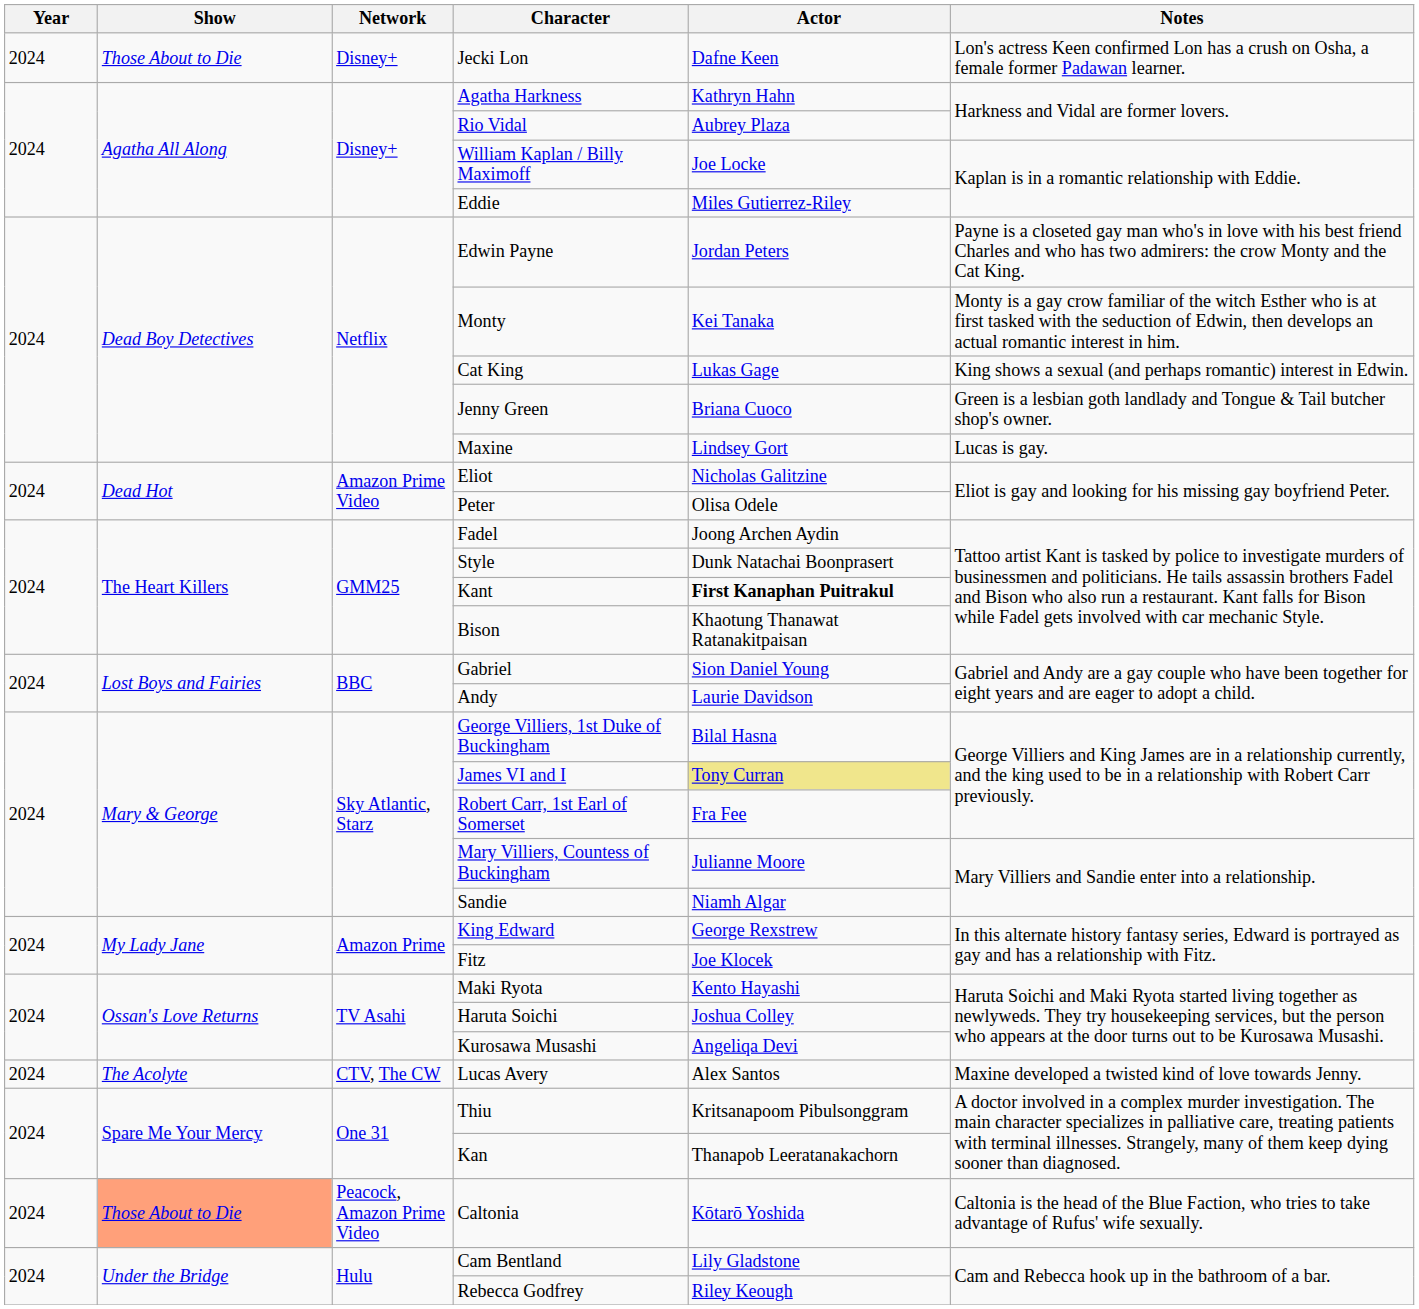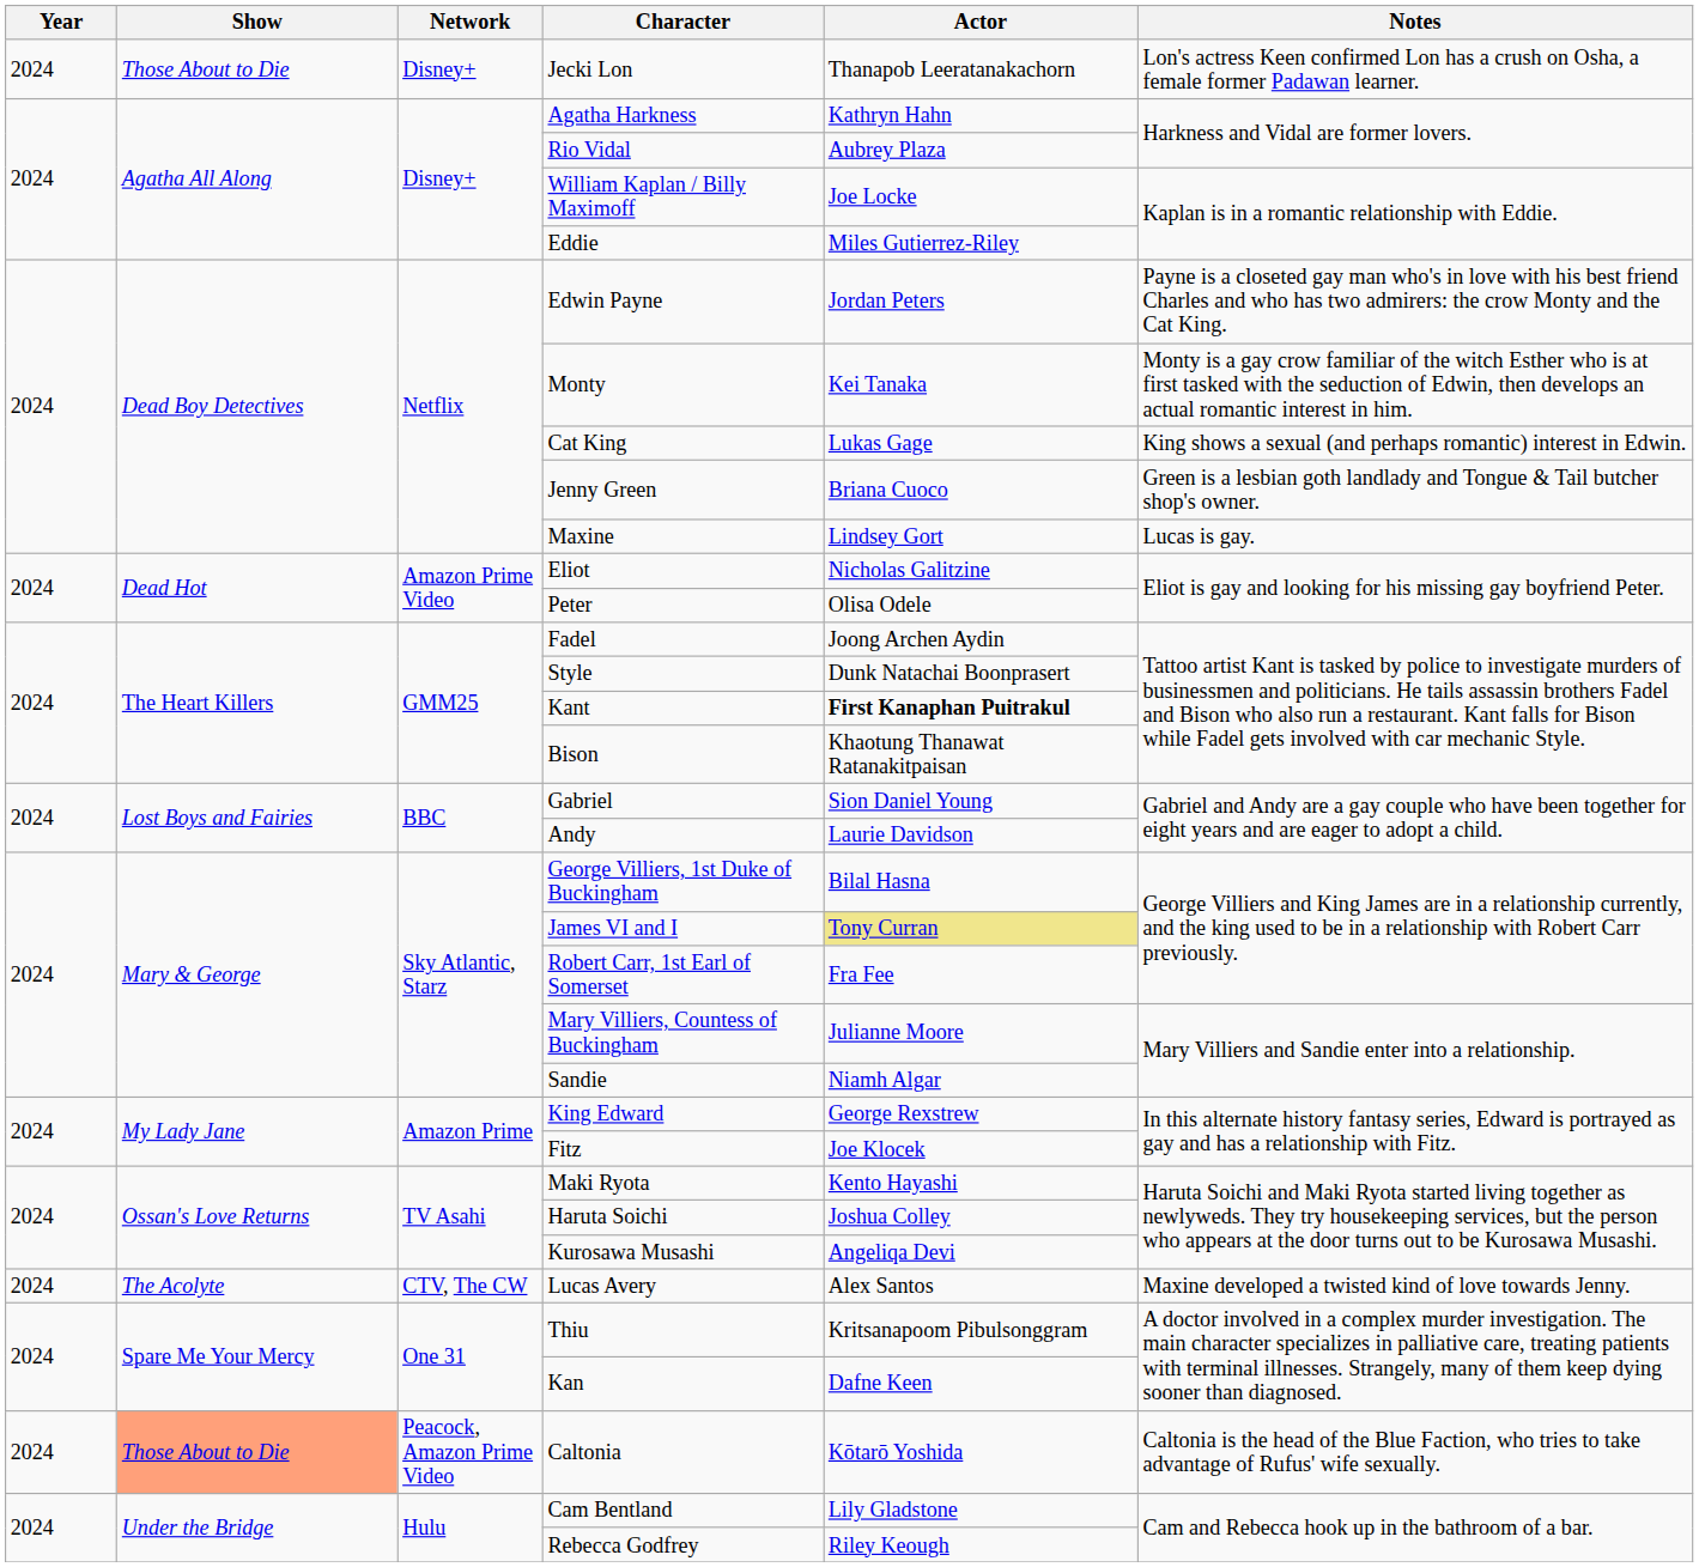 <table class="wikitable sortable" style="margins:auto; width=100%;">
 <tr>
 <th style="width:75px;">Year</th>
 <th style="width:200px;">Show</th>
 <th style="width:100px;">Network</th>
 <th style="width:200px;">Character</th>
 <th style="width:225px;">Actor</th>
 <th>Notes</th>
 </tr>
 <tr>
 <td>2024</td>
 <td><em><a href='#'>Those About to Die</a></em></td>
 <td><a href='#'>Disney+</a></td>
 <td>Jecki Lon</td>
-<td><a href='#'>Dafne Keen</a></td>
+<td>Thanapob Leeratanakachorn</td>
 <td>Lon's actress Keen confirmed Lon has a crush on Osha, a female former <a href='#'>Padawan</a> learner.</td>
 </tr>
 <tr>
 <td rowspan="4">2024</td>
 <td rowspan="4"><em><a href='#'>Agatha All Along</a></em></td>
 <td rowspan="4"><a href='#'>Disney+</a></td>
 <td><a href='#'>Agatha Harkness</a></td>
 <td><a href='#'>Kathryn Hahn</a></td>
 <td rowspan="2">Harkness and Vidal are former lovers.</td>
 </tr>
 <tr>
 <td><a href='#'>Rio Vidal</a></td>
 <td><a href='#'>Aubrey Plaza</a></td>
 </tr>
 <tr>
 <td><a href='#'>William Kaplan / Billy Maximoff</a></td>
 <td><a href='#'>Joe Locke</a></td>
 <td rowspan="2">Kaplan is in a romantic relationship with Eddie.</td>
 </tr>
 <tr>
 <td>Eddie</td>
 <td><a href='#'>Miles Gutierrez-Riley</a></td>
 </tr>
 <tr>
 <td rowspan="5">2024</td>
 <td rowspan="5"><em><a href='#'>Dead Boy Detectives</a></em></td>
 <td rowspan="5"><a href='#'>Netflix</a></td>
 <td>Edwin Payne</td>
 <td><a href='#'>Jordan Peters</a></td>
 <td>Payne is a closeted gay man who's in love with his best friend Charles and who has two admirers: the crow Monty and the Cat King.</td>
 </tr>
 <tr>
 <td>Monty</td>
 <td><a href='#'>Kei Tanaka</a></td>
 <td>Monty is a gay crow familiar of the witch Esther who is at first tasked with the seduction of Edwin, then develops an actual romantic interest in him.</td>
 </tr>
 <tr>
 <td>Cat King</td>
 <td><a href='#'>Lukas Gage</a></td>
 <td>King shows a sexual (and perhaps romantic) interest in Edwin.</td>
 </tr>
 <tr>
 <td>Jenny Green</td>
 <td><a href='#'>Briana Cuoco</a></td>
 <td>Green is a lesbian goth landlady and Tongue & Tail butcher shop's owner.</td>
 </tr>
 <tr>
 <td>Maxine</td>
 <td><a href='#'>Lindsey Gort</a></td>
 <td rowspan="1">Lucas is gay.</td>
 </tr>
 <tr>
 <td rowspan="2">2024</td>
 <td rowspan="2"><em><a href='#'>Dead Hot</a></em></td>
 <td rowspan="2"><a href='#'>Amazon Prime Video</a></td>
 <td>Eliot</td>
 <td><a href='#'>Nicholas Galitzine</a></td>
 <td rowspan="2">Eliot is gay and looking for his missing gay boyfriend Peter.</td>
 </tr>
 <tr>
 <td>Peter</td>
 <td>Olisa Odele</td>
 </tr>
 <tr>
 <td rowspan="4">2024</td>
 <td rowspan="4"><a href='#'>The Heart Killers</a></td>
 <td rowspan="4"><a href='#'>GMM25</a></td>
 <td>Fadel</td>
 <td>Joong Archen Aydin</td>
 <td rowspan="4">Tattoo artist Kant is tasked by police to investigate murders of businessmen and politicians. He tails assassin brothers Fadel and Bison who also run a restaurant. Kant falls for Bison while Fadel gets involved with car mechanic Style.</td>
 </tr>
 <tr>
 <td>Style</td>
 <td>Dunk Natachai Boonprasert</td>
 </tr>
 <tr>
 <td>Kant</td>
 <td><strong>First Kanaphan Puitrakul</strong></td>
 </tr>
 <tr>
 <td>Bison</td>
 <td>Khaotung Thanawat Ratanakitpaisan</td>
 </tr>
 <tr>
 <td rowspan="2">2024</td>
 <td rowspan="2"><em><a href='#'>Lost Boys and Fairies</a></em></td>
 <td rowspan="2"><a href='#'>BBC</a></td>
 <td>Gabriel</td>
 <td><a href='#'>Sion Daniel Young</a></td>
 <td rowspan="2">Gabriel and Andy are a gay couple who have been together for eight years and are eager to adopt a child.</td>
 </tr>
 <tr>
 <td>Andy</td>
 <td><a href='#'>Laurie Davidson</a></td>
 </tr>
 <tr>
 <td rowspan="5">2024</td>
 <td rowspan="5"><em><a href='#'>Mary & George</a></em></td>
 <td rowspan="5"><a href='#'>Sky Atlantic</a>, <a href='#'>Starz</a></td>
 <td><a href='#'>George Villiers, 1st Duke of Buckingham</a></td>
 <td><a href='#'>Bilal Hasna</a></td>
 <td rowspan="3">George Villiers and King James are in a relationship currently, and the king used to be in a relationship with Robert Carr previously.</td>
 </tr>
 <tr>
 <td><a href='#'>James VI and I</a></td>
 <td style="background: khaki;"><a href='#'>Tony Curran</a></td>
 </tr>
 <tr>
 <td><a href='#'>Robert Carr, 1st Earl of Somerset</a></td>
 <td><a href='#'>Fra Fee</a></td>
 </tr>
 <tr>
 <td><a href='#'>Mary Villiers, Countess of Buckingham</a></td>
 <td><a href='#'>Julianne Moore</a></td>
 <td rowspan="2">Mary Villiers and Sandie enter into a relationship.</td>
 </tr>
 <tr>
 <td>Sandie</td>
 <td><a href='#'>Niamh Algar</a></td>
 </tr>
 <tr>
 <td rowspan="2">2024</td>
 <td rowspan="2"><em><a href='#'>My Lady Jane</a></em></td>
 <td rowspan="2"><a href='#'>Amazon Prime</a></td>
 <td><a href='#'>King Edward</a></td>
 <td><a href='#'>George Rexstrew</a></td>
 <td rowspan="2">In this alternate history fantasy series, Edward is portrayed as gay and has a relationship with Fitz.</td>
 </tr>
 <tr>
 <td>Fitz</td>
 <td><a href='#'>Joe Klocek</a></td>
 </tr>
 <tr>
 <td rowspan="3">2024</td>
 <td rowspan="3"><em><a href='#'>Ossan's Love Returns</a></em></td>
 <td rowspan="3"><a href='#'>TV Asahi</a></td>
 <td>Maki Ryota</td>
 <td><a href='#'>Kento Hayashi</a></td>
 <td rowspan="3">Haruta Soichi and Maki Ryota started living together as newlyweds. They try housekeeping services, but the person who appears at the door turns out to be Kurosawa Musashi.</td>
 </tr>
 <tr>
 <td>Haruta Soichi</td>
 <td><a href='#'>Joshua Colley</a></td>
 </tr>
 <tr>
 <td>Kurosawa Musashi</td>
 <td><a href='#'>Angeliqa Devi</a></td>
 </tr>
 <tr>
 <td rowspan="1">2024</td>
 <td><em><a href='#'>The Acolyte</a></em></td>
 <td><a href='#'>CTV</a>, <a href='#'>The CW</a></td>
 <td>Lucas Avery</td>
 <td>Alex Santos</td>
 <td>Maxine developed a twisted kind of love towards Jenny.</td>
 </tr>
 <tr>
 <td rowspan="2">2024</td>
 <td rowspan="2"><a href='#'>Spare Me Your Mercy</a></td>
 <td rowspan="2"><a href='#'>One 31</a></td>
 <td>Thiu</td>
 <td>Kritsanapoom Pibulsonggram</td>
 <td rowspan="2">A doctor involved in a complex murder investigation. The main character specializes in palliative care, treating patients with terminal illnesses. Strangely, many of them keep dying sooner than diagnosed.</td>
 </tr>
 <tr>
 <td>Kan</td>
-<td>Thanapob Leeratanakachorn</td>
+<td><a href='#'>Dafne Keen</a></td>
 </tr>
 <tr>
 <td>2024</td>
 <td style="background: lightsalmon;"><em><a href='#'>Those About to Die</a></em></td>
 <td><a href='#'>Peacock</a>, <a href='#'>Amazon Prime Video</a></td>
 <td>Caltonia</td>
 <td><a href='#'>Kōtarō Yoshida</a></td>
 <td>Caltonia is the head of the Blue Faction, who tries to take advantage of Rufus' wife sexually.</td>
 </tr>
 <tr>
 <td rowspan="2">2024</td>
 <td rowspan="2"><em><a href='#'>Under the Bridge</a></em></td>
 <td rowspan="2"><a href='#'>Hulu</a></td>
 <td>Cam Bentland</td>
 <td><a href='#'>Lily Gladstone</a></td>
 <td rowspan="2">Cam and Rebecca hook up in the bathroom of a bar.</td>
 </tr>
 <tr>
 <td>Rebecca Godfrey</td>
 <td><a href='#'>Riley Keough</a></td>
 </tr>
 <tr>
 </tr>
 </table>
